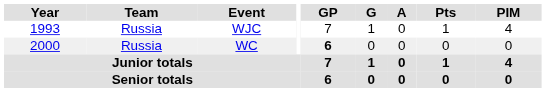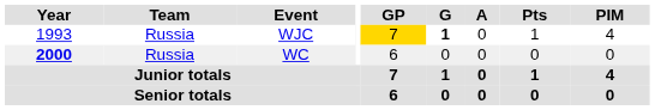 <table border="0" cellpadding="1" cellspacing="0" ID="Table3" style="text-align:center; width:40em">
 <tr bgcolor="#e0e0e0">
 <th>Year</th>
 <th>Team</th>
 <th>Event</th>
 <th rowspan="102" bgcolor="#ffffff"></th>
 <th>GP</th>
 <th>G</th>
 <th>A</th>
 <th>Pts</th>
 <th>PIM</th>
 </tr>
 <tr>
 <td><a href='#'>1993</a></td>
 <td><a href='#'>Russia</a></td>
 <td><a href='#'>WJC</a></td>
-<td>7</td>
-<td>1</td>
+<td style="background: gold;">7</td>
+<td><strong>1</strong></td>
 <td>0</td>
 <td>1</td>
 <td>4</td>
 </tr>
 <tr bgcolor="#f0f0f0">
-<td><a href='#'>2000</a></td>
+<td><strong><a href='#'>2000</a></strong></td>
 <td><a href='#'>Russia</a></td>
 <td><a href='#'>WC</a></td>
-<td><strong>6</strong></td>
+<td>6</td>
 <td>0</td>
 <td>0</td>
 <td>0</td>
 <td>0</td>
 </tr>
 <tr bgcolor="#e0e0e0">
 <th colspan="4">Junior totals</th>
 <th>7</th>
 <th>1</th>
 <th>0</th>
 <th>1</th>
 <th>4</th>
 </tr>
 <tr bgcolor="#e0e0e0">
 <th colspan="4">Senior totals</th>
 <th>6</th>
 <th>0</th>
 <th>0</th>
 <th>0</th>
 <th>0</th>
 </tr>
 </table>
